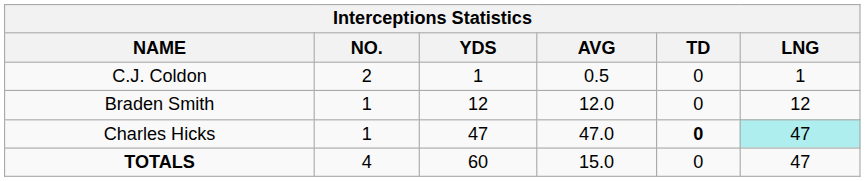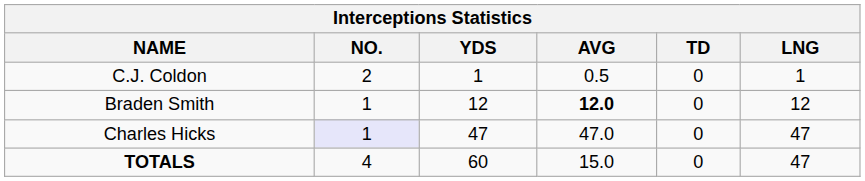 <table style="width:60%; text-align:center;" class="wikitable collapsible collapsed">
 <tr>
 <th colspan="16">Interceptions Statistics</th>
 </tr>
 <tr>
 <th>NAME</th>
 <th>NO.</th>
 <th>YDS</th>
 <th>AVG</th>
 <th>TD</th>
 <th>LNG</th>
 </tr>
 <tr>
 <td>C.J. Coldon</td>
 <td>2</td>
 <td>1</td>
 <td>0.5</td>
 <td>0</td>
 <td>1</td>
 </tr>
 <tr>
 <td>Braden Smith</td>
 <td>1</td>
 <td>12</td>
-<td>12.0</td>
+<td><strong>12.0</strong></td>
 <td>0</td>
 <td>12</td>
 </tr>
 <tr>
 <td>Charles Hicks</td>
-<td>1</td>
+<td style="background: lavender;">1</td>
 <td>47</td>
 <td>47.0</td>
-<td><strong>0</strong></td>
-<td style="background: paleturquoise;">47</td>
+<td>0</td>
+<td>47</td>
 </tr>
 <tr>
 <td><strong>TOTALS</strong></td>
 <td>4</td>
 <td>60</td>
 <td>15.0</td>
 <td>0</td>
 <td>47</td>
 </tr>
 </table>
